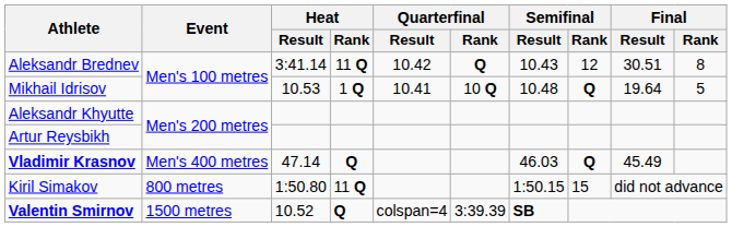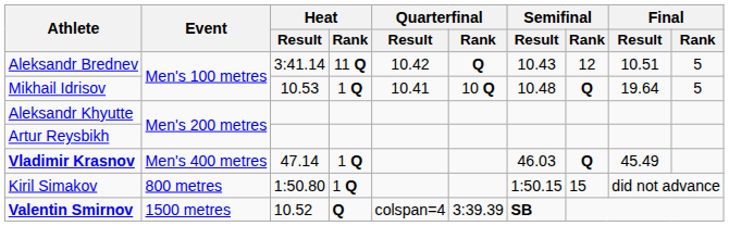 <table class="wikitable" style="font-size:90%">
 <tr>
 <th rowspan="2">Athlete</th>
 <th rowspan="2">Event</th>
 <th colspan="2">Heat</th>
 <th colspan="2">Quarterfinal</th>
 <th colspan="2">Semifinal</th>
 <th colspan="2">Final</th>
 </tr>
 <tr style="font-size:95%">
 <th>Result</th>
 <th>Rank</th>
 <th>Result</th>
 <th>Rank</th>
 <th>Result</th>
 <th>Rank</th>
 <th>Result</th>
 <th>Rank</th>
 </tr>
 <tr align=center>
 <td align=left><a href='#'>Aleksandr Brednev</a></td>
 <td align=left rowspan=2><a href='#'>Men's 100 metres</a></td>
 <td>3:41.14</td>
 <td>11 <strong>Q</strong></td>
 <td>10.42</td>
 <td><strong>Q</strong></td>
 <td>10.43</td>
 <td>12</td>
-<td>30.51</td>
-<td>8</td>
+<td>10.51</td>
+<td>5</td>
 </tr>
 <tr align=center>
 <td align=left><a href='#'>Mikhail Idrisov</a></td>
 <td>10.53</td>
 <td>1 <strong>Q</strong></td>
 <td>10.41</td>
 <td>10 <strong>Q</strong></td>
 <td>10.48</td>
 <td><strong>Q</strong></td>
 <td>19.64</td>
 <td>5</td>
 </tr>
 <tr align=center>
 <td align=left><a href='#'>Aleksandr Khyutte</a></td>
 <td align=left rowspan=2><a href='#'>Men's 200 metres</a></td>
 <td></td>
 <td></td>
 <td></td>
 <td></td>
 <td></td>
 <td></td>
 <td></td>
 <td></td>
 </tr>
 <tr align=center>
 <td align=left><a href='#'>Artur Reysbikh</a></td>
 <td></td>
 <td></td>
 <td></td>
 <td></td>
 <td></td>
 <td></td>
 <td></td>
 <td></td>
 </tr>
 <tr align=center>
 <td align=left><strong><a href='#'>Vladimir Krasnov</a></strong></td>
 <td align=left rowspan=1><a href='#'>Men's 400 metres</a></td>
 <td>47.14</td>
-<td><strong>Q</strong></td>
+<td>1 <strong>Q</strong></td>
 <td></td>
 <td></td>
 <td>46.03</td>
 <td><strong>Q</strong></td>
 <td>45.49</td>
 <td></td>
 </tr>
 <tr align=center|>
 <td align=left><a href='#'>Kiril Simakov</a></td>
 <td align=left rowspan2=><a href='#'>800 metres</a></td>
 <td>1:50.80</td>
-<td>11 <strong>Q</strong></td>
+<td>1 <strong>Q</strong></td>
 <td></td>
 <td></td>
 <td>1:50.15</td>
 <td>15</td>
 <td colspan=2>did not advance</td>
 </tr>
 <tr align=center|>
 <td align=left><strong><a href='#'>Valentin Smirnov</a></strong></td>
 <td align=left rowspan3=><a href='#'>1500 metres</a></td>
 <td>10.52</td>
 <td><strong>Q</strong></td>
 <td>colspan=4 </td>
 <td>3:39.39</td>
 <td> <strong>SB</strong></td>
 </tr>
 </table>
